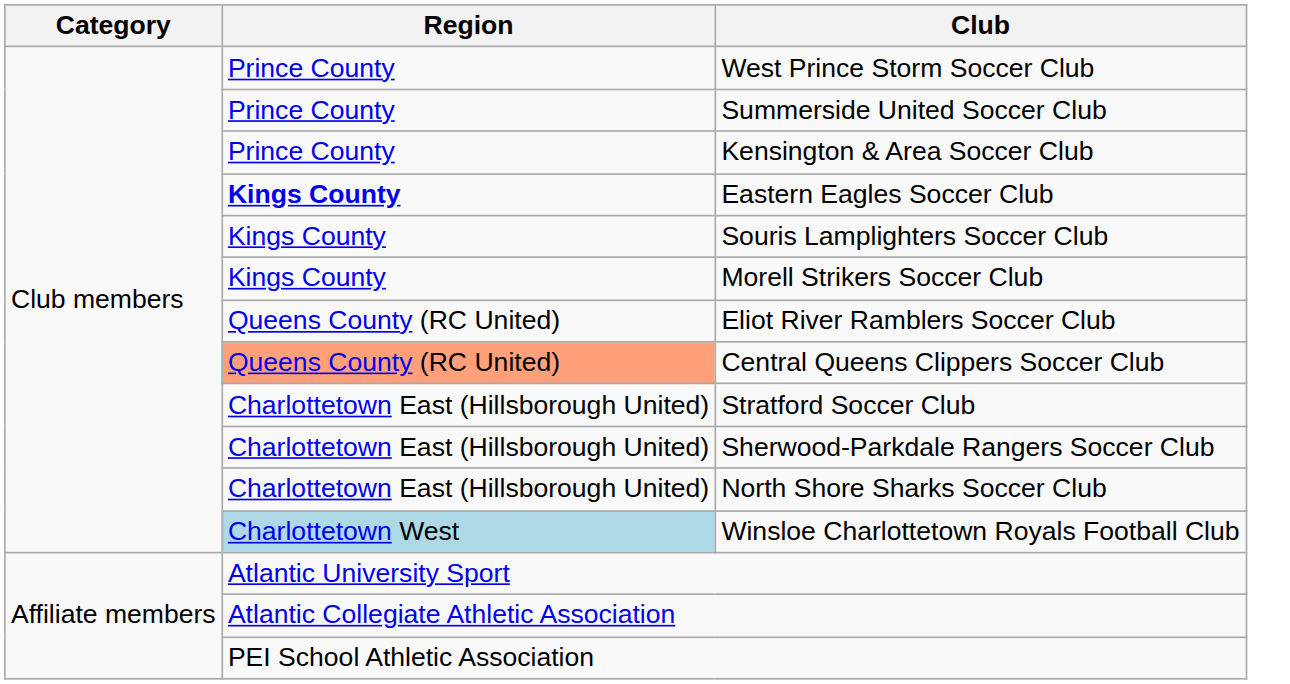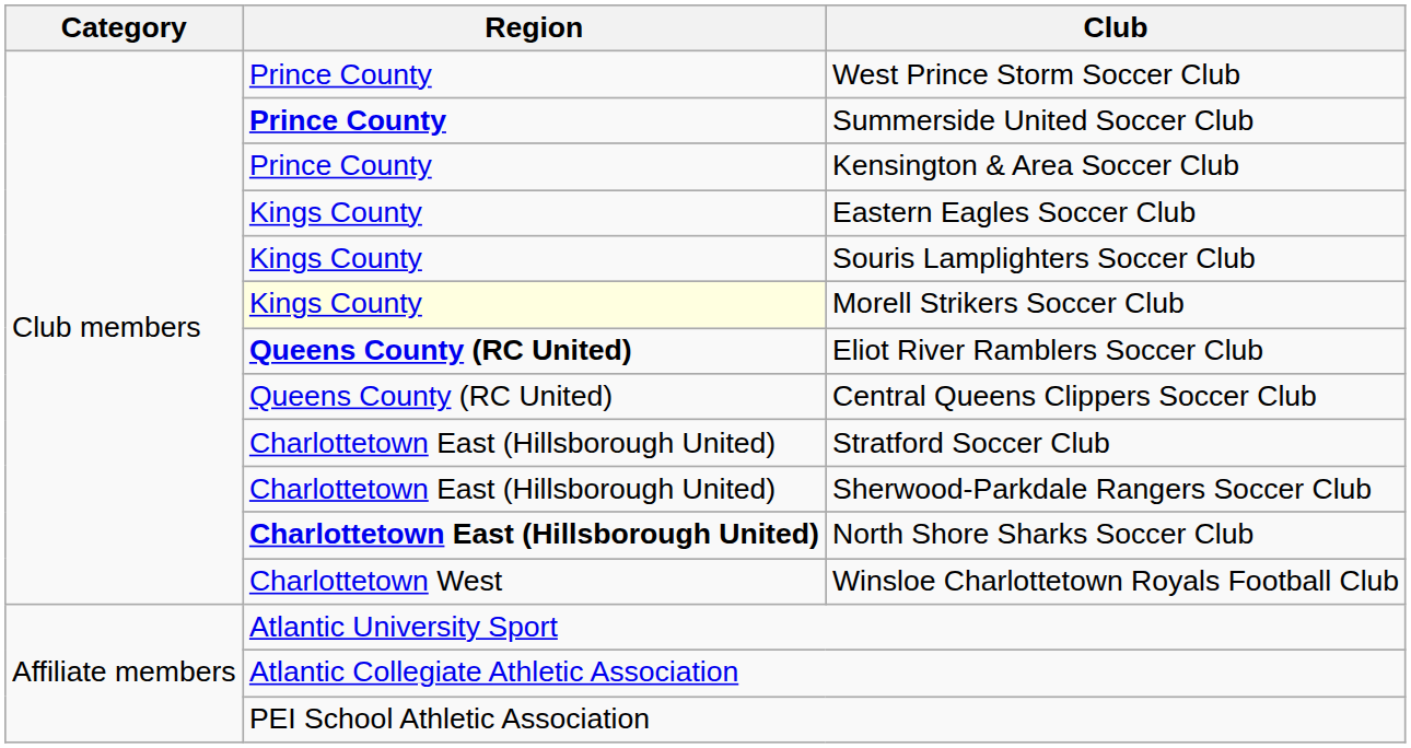 <table class="wikitable">
 <tr>
 <th>Category</th>
 <th>Region</th>
 <th>Club</th>
 </tr>
 <tr>
 <td rowspan="12">Club members</td>
 <td><a href='#'>Prince County</a></td>
 <td>West Prince Storm Soccer Club</td>
 </tr>
 <tr>
-<td><a href='#'>Prince County</a></td>
+<td><strong><a href='#'>Prince County</a></strong></td>
 <td>Summerside United Soccer Club</td>
 </tr>
 <tr>
 <td><a href='#'>Prince County</a></td>
 <td>Kensington & Area Soccer Club</td>
 </tr>
 <tr>
-<td><strong><a href='#'>Kings County</a></strong></td>
+<td><a href='#'>Kings County</a></td>
 <td>Eastern Eagles Soccer Club</td>
 </tr>
 <tr>
 <td><a href='#'>Kings County</a></td>
 <td>Souris Lamplighters Soccer Club</td>
 </tr>
 <tr>
-<td><a href='#'>Kings County</a></td>
+<td style="background: lightyellow;"><a href='#'>Kings County</a></td>
 <td>Morell Strikers Soccer Club</td>
 </tr>
 <tr>
-<td><a href='#'>Queens County</a> (RC United)</td>
+<td><strong><a href='#'>Queens County</a> (RC United)</strong></td>
 <td>Eliot River Ramblers Soccer Club</td>
 </tr>
 <tr>
-<td style="background: lightsalmon;"><a href='#'>Queens County</a> (RC United)</td>
+<td><a href='#'>Queens County</a> (RC United)</td>
 <td>Central Queens Clippers Soccer Club</td>
 </tr>
 <tr>
 <td><a href='#'>Charlottetown</a> East (Hillsborough United)</td>
 <td>Stratford Soccer Club</td>
 </tr>
 <tr>
 <td><a href='#'>Charlottetown</a> East (Hillsborough United)</td>
 <td>Sherwood-Parkdale Rangers Soccer Club</td>
 </tr>
 <tr>
-<td><a href='#'>Charlottetown</a> East (Hillsborough United)</td>
+<td><strong><a href='#'>Charlottetown</a> East (Hillsborough United)</strong></td>
 <td>North Shore Sharks Soccer Club</td>
 </tr>
 <tr>
-<td style="background: lightblue;"><a href='#'>Charlottetown</a> West</td>
+<td><a href='#'>Charlottetown</a> West</td>
 <td>Winsloe Charlottetown Royals Football Club</td>
 </tr>
 <tr>
 <td rowspan="3">Affiliate members</td>
 <td colspan="2"><a href='#'>Atlantic University Sport</a></td>
 </tr>
 <tr>
 <td colspan="2"><a href='#'>Atlantic Collegiate Athletic Association</a></td>
 </tr>
 <tr>
 <td colspan="2">PEI School Athletic Association</td>
 </tr>
 </table>
